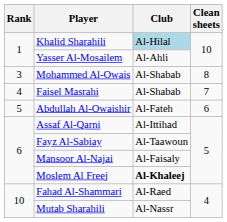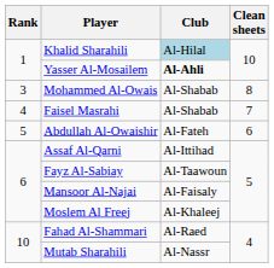 <table class="wikitable" style="text-align:center">
 <tr>
 <th>Rank</th>
 <th>Player</th>
 <th>Club</th>
 <th>Clean<br>sheets</th>
 </tr>
 <tr>
 <td rowspan=2>1</td>
 <td align="left"> <a href='#'>Khalid Sharahili</a></td>
 <td align="left" style="background: lightblue;">Al-Hilal</td>
 <td rowspan=2>10</td>
 </tr>
 <tr>
 <td align="left"> <a href='#'>Yasser Al-Mosailem</a></td>
-<td align="left">Al-Ahli</td>
+<td align="left"><strong>Al-Ahli</strong></td>
 </tr>
 <tr>
 <td>3</td>
 <td align="left"> <a href='#'>Mohammed Al-Owais</a></td>
 <td align="left">Al-Shabab</td>
 <td>8</td>
 </tr>
 <tr>
 <td>4</td>
 <td align="left"> <a href='#'>Faisel Masrahi</a></td>
 <td align="left">Al-Shabab</td>
 <td>7</td>
 </tr>
 <tr>
 <td>5</td>
 <td align="left"> <a href='#'>Abdullah Al-Owaishir</a></td>
 <td align="left">Al-Fateh</td>
 <td>6</td>
 </tr>
 <tr>
 <td rowspan=4>6</td>
 <td align="left"> <a href='#'>Assaf Al-Qarni</a></td>
 <td align="left">Al-Ittihad</td>
 <td rowspan=4>5</td>
 </tr>
 <tr>
 <td align="left"> <a href='#'>Fayz Al-Sabiay</a></td>
 <td align="left">Al-Taawoun</td>
 </tr>
 <tr>
 <td align="left"> <a href='#'>Mansoor Al-Najai</a></td>
 <td align="left">Al-Faisaly</td>
 </tr>
 <tr>
 <td align="left"> <a href='#'>Moslem Al Freej</a></td>
-<td align="left"><strong>Al-Khaleej</strong></td>
+<td align="left">Al-Khaleej</td>
 </tr>
 <tr>
 <td rowspan=2>10</td>
 <td align="left"> <a href='#'>Fahad Al-Shammari</a></td>
 <td align="left">Al-Raed</td>
 <td rowspan=2>4</td>
 </tr>
 <tr>
 <td align="left"> <a href='#'>Mutab Sharahili</a></td>
 <td align="left">Al-Nassr</td>
 </tr>
 </table>
